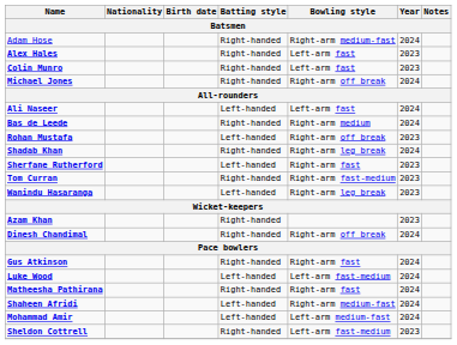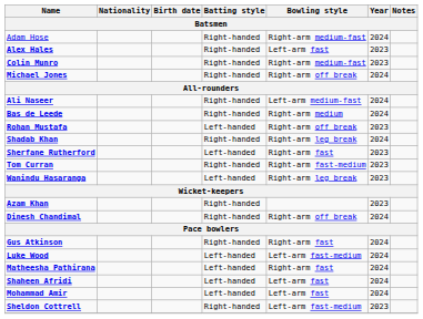 <table class="wikitable"  style="font-size:85%;">
 <tr>
 <th>Name</th>
 <th>Nationality</th>
 <th>Birth date</th>
 <th>Batting style</th>
 <th>Bowling style</th>
 <th>Year</th>
 <th>Notes</th>
 </tr>
 <tr>
 <th colspan="7">Batsmen</th>
 </tr>
 <tr>
 <td><a href='#'>Adam Hose</a></td>
 <td></td>
 <td></td>
 <td>Right-handed</td>
 <td>Right-arm <a href='#'>medium-fast</a></td>
 <td>2024</td>
 <td></td>
 </tr>
 <tr>
 <td><strong><a href='#'>Alex Hales</a></strong></td>
 <td></td>
 <td></td>
 <td>Right-handed</td>
 <td>Left-arm <a href='#'>fast</a></td>
 <td>2023</td>
 <td></td>
 </tr>
 <tr>
 <td><strong><a href='#'>Colin Munro</a></strong></td>
 <td></td>
 <td></td>
 <td>Right-handed</td>
-<td>Left-arm <a href='#'>fast</a></td>
+<td>Right-arm <a href='#'>medium-fast</a></td>
 <td>2023</td>
 <td></td>
 </tr>
 <tr>
 <td><strong><a href='#'>Michael Jones</a></strong></td>
 <td></td>
 <td></td>
 <td>Right-handed</td>
 <td>Right-arm <a href='#'>off break</a></td>
 <td>2024</td>
 <td></td>
 </tr>
 <tr>
 <th colspan="7">All-rounders</th>
 </tr>
 <tr>
 <td><strong><a href='#'>Ali Naseer</a></strong></td>
 <td></td>
 <td></td>
-<td>Left-handed</td>
-<td>Left-arm <a href='#'>fast</a></td>
+<td>Right-handed</td>
+<td>Left-arm <a href='#'>medium-fast</a></td>
 <td>2024</td>
 <td></td>
 </tr>
 <tr>
 <td><strong><a href='#'>Bas de Leede</a></strong></td>
 <td></td>
 <td></td>
 <td>Right-handed</td>
 <td>Right-arm <a href='#'>medium</a></td>
 <td>2024</td>
 <td></td>
 </tr>
 <tr>
 <td><strong><a href='#'>Rohan Mustafa</a></strong></td>
 <td></td>
 <td></td>
 <td>Left-handed</td>
 <td>Right-arm <a href='#'>off break</a></td>
 <td>2023</td>
 <td></td>
 </tr>
 <tr>
 <td><strong><a href='#'>Shadab Khan</a></strong></td>
 <td></td>
 <td></td>
 <td>Right-handed</td>
 <td>Right-arm <a href='#'>leg break</a></td>
 <td>2024</td>
 <td></td>
 </tr>
 <tr>
 <td><strong><a href='#'>Sherfane Rutherford</a></strong></td>
 <td></td>
 <td></td>
 <td>Left-handed</td>
 <td>Right-arm <a href='#'>fast</a></td>
 <td>2023</td>
 <td></td>
 </tr>
 <tr>
 <td><strong><a href='#'>Tom Curran</a></strong></td>
 <td></td>
 <td></td>
 <td>Right-handed</td>
 <td>Right-arm <a href='#'>fast-medium</a></td>
 <td>2023</td>
 <td></td>
 </tr>
 <tr>
 <td><strong><a href='#'>Wanindu Hasaranga</a></strong></td>
 <td></td>
 <td></td>
 <td>Left-handed</td>
 <td>Right-arm <a href='#'>leg break</a></td>
 <td>2023</td>
 <td></td>
 </tr>
 <tr>
 <th colspan="7">Wicket-keepers</th>
 </tr>
 <tr>
 <td><strong><a href='#'>Azam Khan</a></strong></td>
 <td></td>
 <td></td>
 <td>Right-handed</td>
 <td></td>
 <td>2023</td>
 <td></td>
 </tr>
 <tr>
 <td><strong><a href='#'>Dinesh Chandimal</a></strong></td>
 <td></td>
 <td></td>
 <td>Right-handed</td>
 <td>Right-arm <a href='#'>off break</a></td>
 <td>2024</td>
 <td></td>
 </tr>
 <tr>
 <th colspan="7">Pace bowlers</th>
 </tr>
 <tr>
 <td><strong><a href='#'>Gus Atkinson</a></strong></td>
 <td></td>
 <td></td>
 <td>Right-handed</td>
 <td>Right-arm <a href='#'>fast</a></td>
 <td>2024</td>
 <td></td>
 </tr>
 <tr>
 <td><strong><a href='#'>Luke Wood</a></strong></td>
 <td></td>
 <td></td>
 <td>Left-handed</td>
 <td>Left-arm <a href='#'>fast-medium</a></td>
 <td>2024</td>
 <td></td>
 </tr>
 <tr>
 <td><strong><a href='#'>Matheesha Pathirana</a></strong></td>
 <td></td>
 <td></td>
-<td>Right-handed</td>
+<td>Left-handed</td>
 <td>Right-arm <a href='#'>fast</a></td>
 <td>2024</td>
 <td></td>
 </tr>
 <tr>
 <td><strong><a href='#'>Shaheen Afridi</a></strong></td>
 <td></td>
 <td></td>
 <td>Left-handed</td>
-<td>Right-arm <a href='#'>medium-fast</a></td>
+<td>Left-arm <a href='#'>fast</a></td>
 <td>2024</td>
 <td></td>
 </tr>
 <tr>
 <td><strong><a href='#'>Mohammad Amir</a></strong></td>
 <td></td>
 <td></td>
 <td>Left-handed</td>
-<td>Left-arm <a href='#'>medium-fast</a></td>
+<td>Left-arm <a href='#'>fast</a></td>
 <td>2024</td>
 <td></td>
 </tr>
 <tr>
 <td><strong><a href='#'>Sheldon Cottrell</a></strong></td>
 <td></td>
 <td></td>
 <td>Right-handed</td>
 <td>Left-arm <a href='#'>fast-medium</a></td>
 <td>2023</td>
 <td></td>
 </tr>
 <tr>
 </tr>
 </table>
